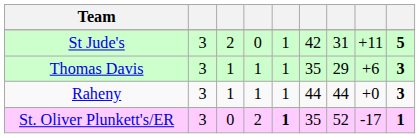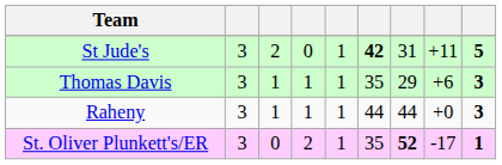 <table class="wikitable" style="text-align:center">
 <tr>
 <th style="width:175px;">Team</th>
 <th width="20"></th>
 <th width="20"></th>
 <th width="20"></th>
 <th width="20"></th>
 <th width="20"></th>
 <th width="20"></th>
 <th width="20"></th>
 <th width="20"></th>
 </tr>
 <tr style="background:#cfc;">
 </tr>
 <tr style="background:#cfc">
 <td><a href='#'>St Jude's</a></td>
 <td>3</td>
 <td>2</td>
 <td>0</td>
 <td>1</td>
-<td>42</td>
+<td><strong>42</strong></td>
 <td>31</td>
 <td>+11</td>
 <td><strong>5</strong></td>
 </tr>
 <tr style="background:#cfc;">
 <td><a href='#'>Thomas Davis</a></td>
 <td>3</td>
 <td>1</td>
 <td>1</td>
 <td>1</td>
 <td>35</td>
 <td>29</td>
 <td>+6</td>
 <td><strong>3</strong></td>
 </tr>
 <tr>
 <td><a href='#'>Raheny</a></td>
 <td>3</td>
 <td>1</td>
 <td>1</td>
 <td>1</td>
 <td>44</td>
 <td>44</td>
 <td>+0</td>
 <td><strong>3</strong></td>
 </tr>
 <tr style="background:#fcf;">
 <td><a href='#'>St. Oliver Plunkett's/ER</a></td>
 <td>3</td>
 <td>0</td>
 <td>2</td>
-<td><strong>1</strong></td>
+<td>1</td>
 <td>35</td>
-<td>52</td>
+<td><strong>52</strong></td>
 <td>-17</td>
 <td><strong>1</strong></td>
 </tr>
 </table>
